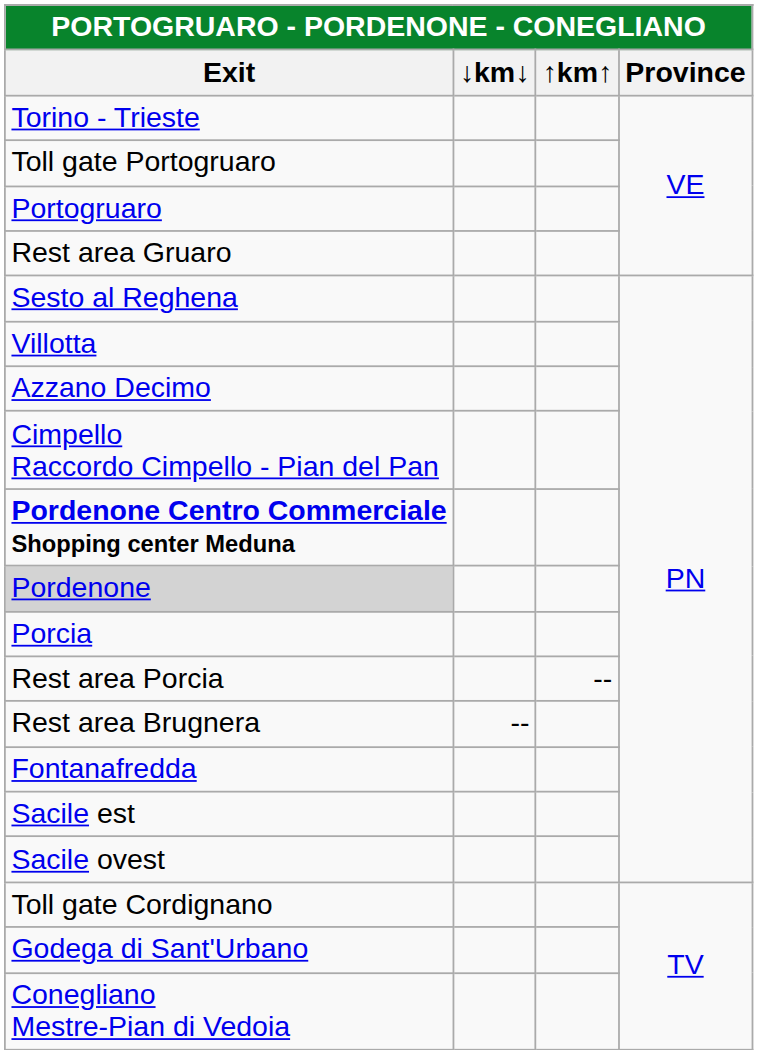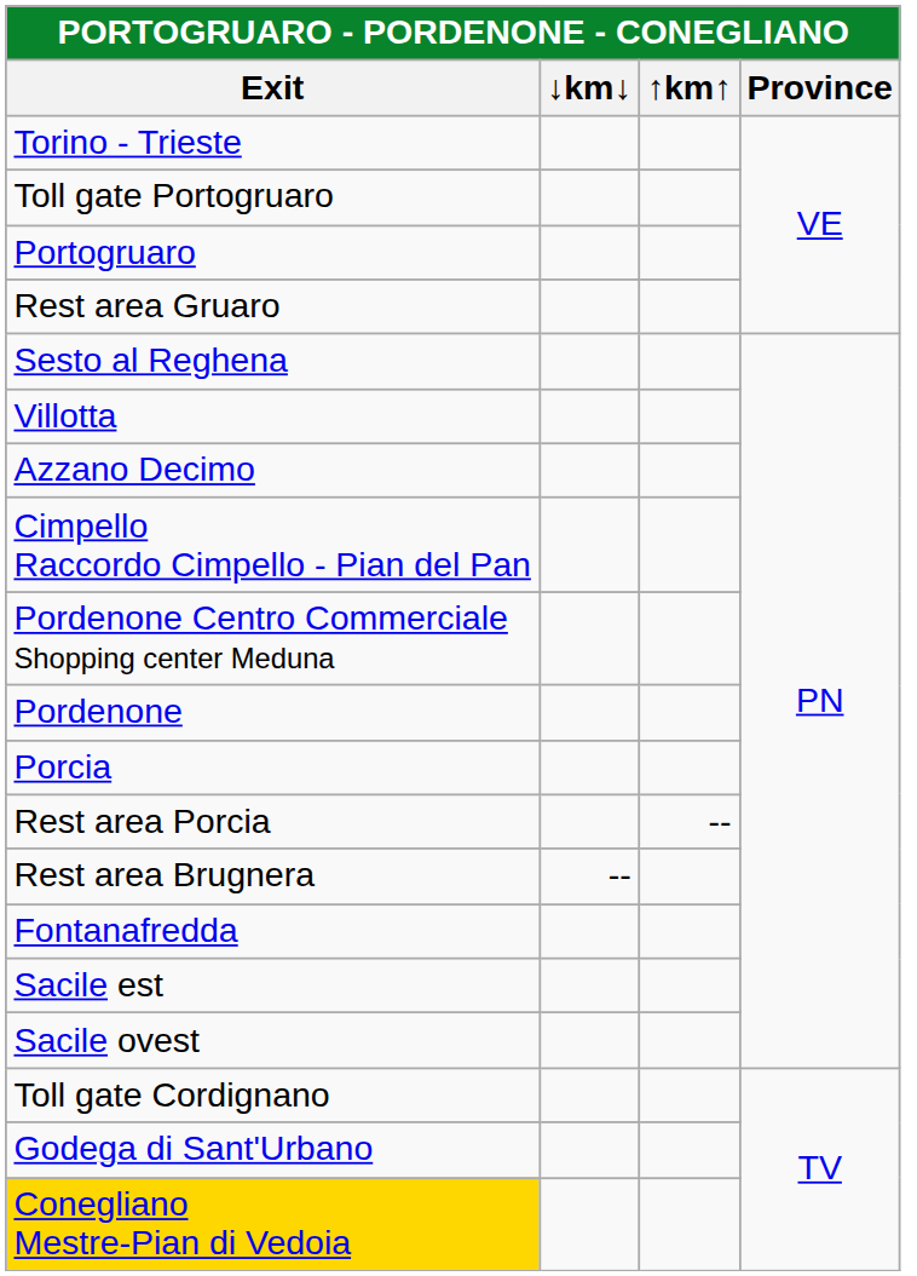 <table class="wikitable">
 <tr>
 </tr>
 <tr align="center" bgcolor="08842C" style="color: white;font-size:100%;">
 <td colspan="5"> <strong>PORTOGRUARO - PORDENONE - CONEGLIANO</strong></td>
 </tr>
 <tr>
 <th style="text-align:center;"><strong>Exit</strong></th>
 <th style="text-align:center;"><strong>↓km↓</strong></th>
 <th style="text-align:center;"><strong>↑km↑</strong></th>
 <th align="center"><strong>Province</strong></th>
 </tr>
 <tr>
 <td>    <a href='#'>Torino - Trieste</a></td>
 <td align="right"></td>
 <td align="right"></td>
 <td rowspan="4" align="center"><a href='#'>VE</a></td>
 </tr>
 <tr>
 <td> Toll gate Portogruaro</td>
 <td align="right"></td>
 <td align="right"></td>
 </tr>
 <tr>
 <td> <a href='#'>Portogruaro</a></td>
 <td align="right"></td>
 <td align="right"></td>
 </tr>
 <tr>
 <td> Rest area Gruaro</td>
 <td align="right"></td>
 <td align="right"></td>
 </tr>
 <tr>
 <td> <a href='#'>Sesto al Reghena</a></td>
 <td align="right"></td>
 <td align="right"></td>
 <td rowspan="12" align="center"><a href='#'>PN</a></td>
 </tr>
 <tr>
 <td> <a href='#'>Villotta</a></td>
 <td align="right"></td>
 <td align="right"></td>
 </tr>
 <tr>
 <td> <a href='#'>Azzano Decimo</a></td>
 <td align="right"></td>
 <td align="right"></td>
 </tr>
 <tr>
 <td>  <a href='#'>Cimpello</a> <br> <a href='#'>Raccordo Cimpello - Pian del Pan</a></td>
 <td align="right"></td>
 <td align="right"></td>
 </tr>
 <tr>
-<td><strong> <a href='#'>Pordenone Centro Commerciale</a><br><small> Shopping center Meduna</small></strong></td>
+<td> <a href='#'>Pordenone Centro Commerciale</a><br><small> Shopping center Meduna</small></td>
 <td align="right"></td>
 <td align="right"></td>
 </tr>
 <tr>
-<td style="background: lightgrey;"> <a href='#'>Pordenone</a></td>
+<td> <a href='#'>Pordenone</a></td>
 <td align="right"></td>
 <td align="right"></td>
 </tr>
 <tr>
 <td> <a href='#'>Porcia</a></td>
 <td align="right"></td>
 <td align="right"></td>
 </tr>
 <tr>
 <td> Rest area Porcia</td>
 <td align="right"></td>
 <td align="right">--</td>
 </tr>
 <tr>
 <td> Rest area Brugnera</td>
 <td align="right">--</td>
 <td align="right"></td>
 </tr>
 <tr>
 <td> <a href='#'>Fontanafredda</a></td>
 <td align="right"></td>
 <td align="right"></td>
 </tr>
 <tr>
 <td> <a href='#'>Sacile</a> est</td>
 <td align="right"></td>
 <td align="right"></td>
 </tr>
 <tr>
 <td> <a href='#'>Sacile</a> ovest</td>
 <td align="right"></td>
 <td align="right"></td>
 </tr>
 <tr>
 <td> Toll gate Cordignano</td>
 <td align="right"></td>
 <td align="right"></td>
 <td rowspan="3" align="center"><a href='#'>TV</a></td>
 </tr>
 <tr>
 <td> <a href='#'>Godega di Sant'Urbano</a></td>
 <td align="right"></td>
 <td align="right"></td>
 </tr>
 <tr>
-<td>  <a href='#'>Conegliano</a><br>  <a href='#'>Mestre-Pian di Vedoia</a></td>
+<td style="background: gold;">  <a href='#'>Conegliano</a><br>  <a href='#'>Mestre-Pian di Vedoia</a></td>
 <td align="right"></td>
 <td align="right"></td>
 </tr>
 </table>
